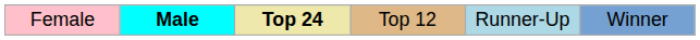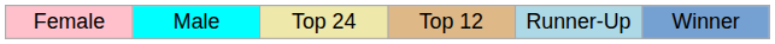 <table class="wikitable" style="margin:1em auto; text-align:center;">
 <tr>
 </tr>
 <tr>
 <td style="background:pink;" width="15%">Female</td>
-<td style="background:cyan;" width="15%"><strong>Male</strong></td>
-<td style="background:palegoldenrod;" width="15%"><strong>Top 24</strong></td>
+<td style="background:cyan;" width="15%">Male</td>
+<td style="background:palegoldenrod;" width="15%">Top 24</td>
 <td style="background:#DEB887" width="15%">Top 12</td>
 <td style="background:lightblue" width="15%">Runner-Up</td>
 <td style="background:#75A1D2" width="15%">Winner</td>
 </tr>
 </table>
